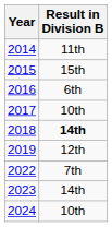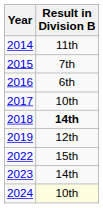 <table class="wikitable" style="text-align:center">
 <tr>
 <th>Year</th>
 <th>Result in<br>Division B</th>
 </tr>
 <tr>
 <td><a href='#'>2014</a></td>
 <td>11th</td>
 </tr>
 <tr>
 <td><a href='#'>2015</a></td>
-<td>15th</td>
+<td>7th</td>
 </tr>
 <tr>
 <td><a href='#'>2016</a></td>
 <td>6th</td>
 </tr>
 <tr>
 <td><a href='#'>2017</a></td>
 <td>10th</td>
 </tr>
 <tr>
 <td><a href='#'>2018</a></td>
 <td><strong>14th</strong></td>
 </tr>
 <tr>
 <td><a href='#'>2019</a></td>
 <td>12th</td>
 </tr>
 <tr>
 <td><a href='#'>2022</a></td>
-<td>7th</td>
+<td>15th</td>
 </tr>
 <tr>
 <td><a href='#'>2023</a></td>
 <td>14th</td>
 </tr>
 <tr>
 <td><a href='#'>2024</a></td>
-<td>10th</td>
+<td style="background: lightyellow;">10th</td>
 </tr>
 </table>
